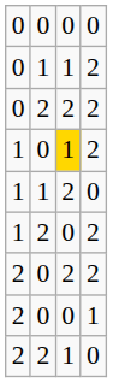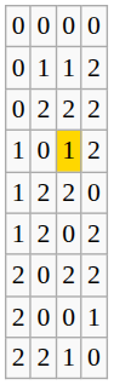 <table class="wikitable">
 <tr>
 <td>0</td>
 <td>0</td>
 <td>0</td>
 <td>0</td>
 </tr>
 <tr>
 <td>0</td>
 <td>1</td>
 <td>1</td>
 <td>2</td>
 </tr>
 <tr>
 <td>0</td>
 <td>2</td>
 <td>2</td>
 <td>2</td>
 </tr>
 <tr>
 <td>1</td>
 <td>0</td>
 <td style="background: gold;">1</td>
 <td>2</td>
 </tr>
 <tr>
 <td>1</td>
-<td>1</td>
+<td>2</td>
 <td>2</td>
 <td>0</td>
 </tr>
 <tr>
 <td>1</td>
 <td>2</td>
 <td>0</td>
 <td>2</td>
 </tr>
 <tr>
 <td>2</td>
 <td>0</td>
 <td>2</td>
 <td>2</td>
 </tr>
 <tr>
 <td>2</td>
 <td>0</td>
 <td>0</td>
 <td>1</td>
 </tr>
 <tr>
 <td>2</td>
 <td>2</td>
 <td>1</td>
 <td>0</td>
 </tr>
 </table>
